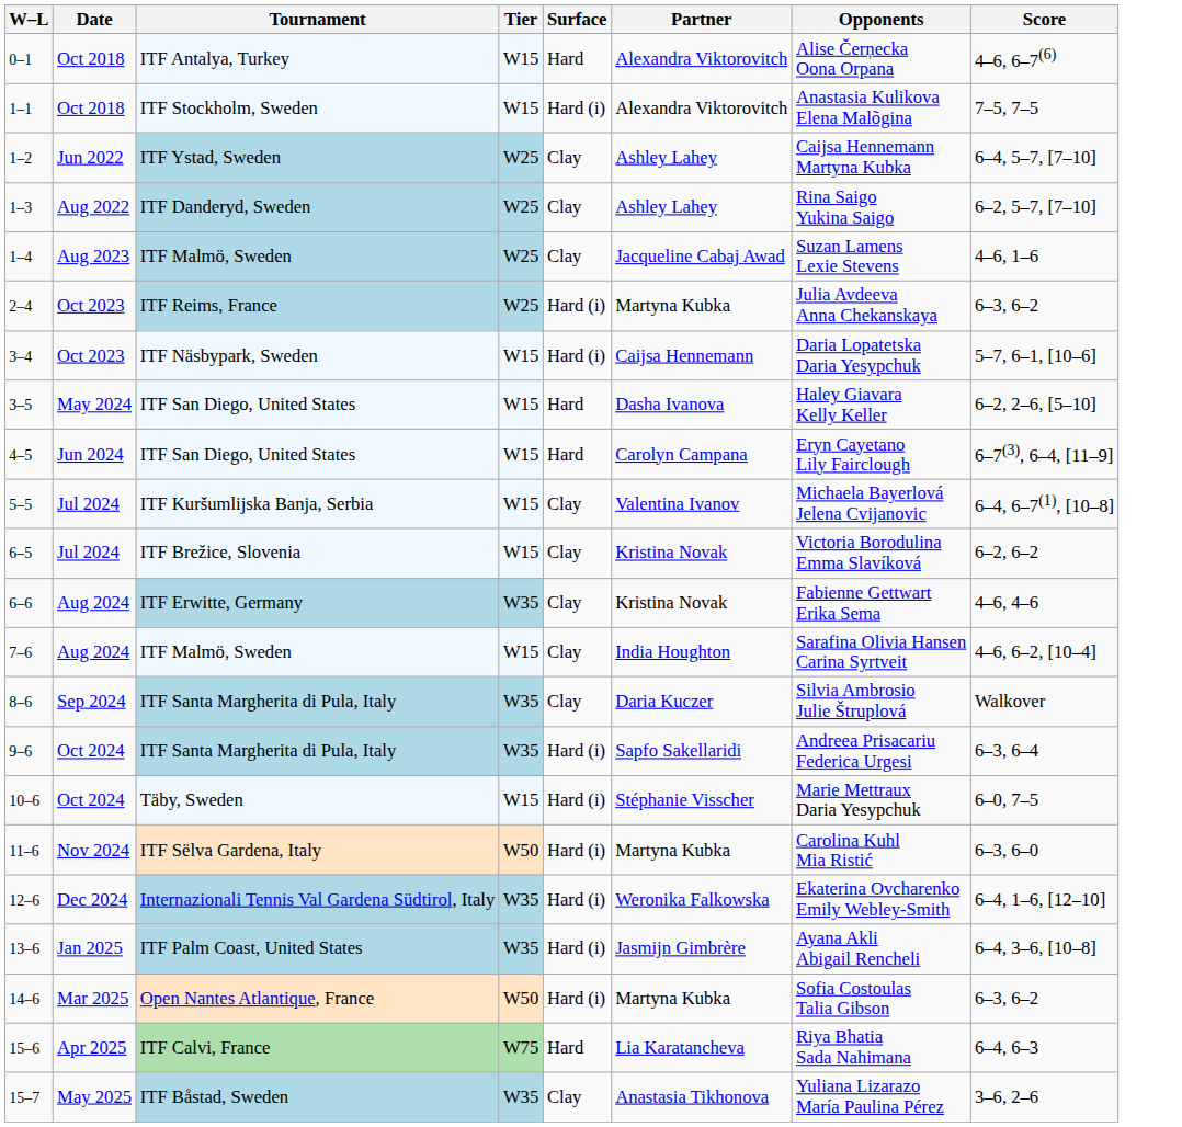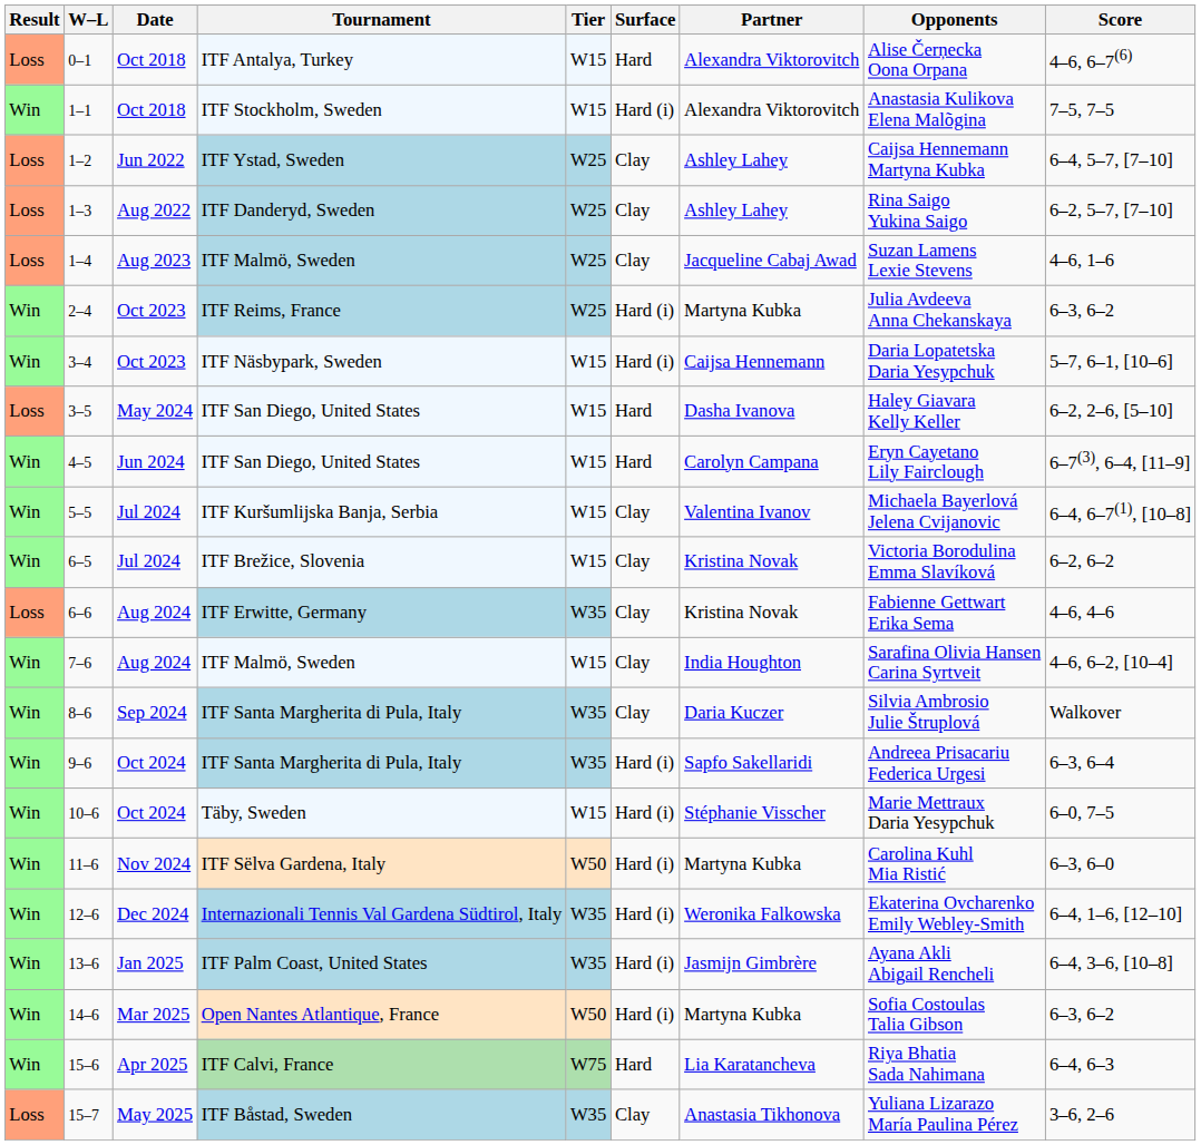 <table class="sortable wikitable">
 <tr>
+<th>Result</th>
 <th class="unsortable">W–L</th>
 <th>Date</th>
 <th>Tournament</th>
 <th>Tier</th>
 <th>Surface</th>
 <th>Partner</th>
 <th>Opponents</th>
 <th class="unsortable">Score</th>
 </tr>
 <tr>
+<td style="background:#ffa07a;">Loss</td>
 <td><small>0–1</small></td>
 <td><a href='#'>Oct 2018</a></td>
 <td style="background:#f0f8ff;">ITF Antalya, Turkey</td>
 <td style="background:#f0f8ff;">W15</td>
 <td>Hard</td>
 <td> <a href='#'>Alexandra Viktorovitch</a></td>
 <td> <a href='#'>Alise Čerņecka</a> <br>  <a href='#'>Oona Orpana</a></td>
 <td>4–6, 6–7<sup>(6)</sup></td>
 </tr>
 <tr>
+<td style="background:#98fb98;">Win</td>
 <td><small>1–1</small></td>
 <td><a href='#'>Oct 2018</a></td>
 <td style="background:#f0f8ff;">ITF Stockholm, Sweden</td>
 <td style="background:#f0f8ff;">W15</td>
 <td>Hard (i)</td>
 <td> Alexandra Viktorovitch</td>
 <td> <a href='#'>Anastasia Kulikova</a> <br>  <a href='#'>Elena Malõgina</a></td>
 <td>7–5, 7–5</td>
 </tr>
 <tr>
+<td bgcolor="FFA07A">Loss</td>
 <td><small>1–2</small></td>
 <td><a href='#'>Jun 2022</a></td>
 <td style="background:lightblue;">ITF Ystad, Sweden</td>
 <td style="background:lightblue;">W25</td>
 <td>Clay</td>
 <td> <a href='#'>Ashley Lahey</a></td>
 <td> <a href='#'>Caijsa Hennemann</a><br> <a href='#'>Martyna Kubka</a></td>
 <td>6–4, 5–7, [7–10]</td>
 </tr>
 <tr>
+<td bgcolor="FFA07A">Loss</td>
 <td><small>1–3</small></td>
 <td><a href='#'>Aug 2022</a></td>
 <td style="background:lightblue;">ITF Danderyd, Sweden</td>
 <td style="background:lightblue;">W25</td>
 <td>Clay</td>
 <td> <a href='#'>Ashley Lahey</a></td>
 <td> <a href='#'>Rina Saigo</a><br> <a href='#'>Yukina Saigo</a></td>
 <td>6–2, 5–7, [7–10]</td>
 </tr>
 <tr>
+<td style="background:#ffa07a;">Loss</td>
 <td><small>1–4</small></td>
 <td><a href='#'>Aug 2023</a></td>
 <td style="background:lightblue;">ITF Malmö, Sweden</td>
 <td style="background:lightblue;">W25</td>
 <td>Clay</td>
 <td> <a href='#'>Jacqueline Cabaj Awad</a></td>
 <td> <a href='#'>Suzan Lamens</a> <br>  <a href='#'>Lexie Stevens</a></td>
 <td>4–6, 1–6</td>
 </tr>
 <tr>
+<td style="background:#98fb98;">Win</td>
 <td><small>2–4</small></td>
 <td><a href='#'>Oct 2023</a></td>
 <td style="background:lightblue">ITF Reims, France</td>
 <td style="background:lightblue">W25</td>
 <td>Hard (i)</td>
 <td> Martyna Kubka</td>
 <td> <a href='#'>Julia Avdeeva</a> <br>  <a href='#'>Anna Chekanskaya</a></td>
 <td>6–3, 6–2</td>
 </tr>
 <tr>
+<td style="background:#98fb98;">Win</td>
 <td><small>3–4</small></td>
 <td><a href='#'>Oct 2023</a></td>
 <td style="background:#f0f8ff;">ITF Näsbypark, Sweden</td>
 <td style="background:#f0f8ff;">W15</td>
 <td>Hard (i)</td>
 <td> <a href='#'>Caijsa Hennemann</a></td>
 <td> <a href='#'>Daria Lopatetska</a> <br>  <a href='#'>Daria Yesypchuk</a></td>
 <td>5–7, 6–1, [10–6]</td>
 </tr>
 <tr>
+<td style="background:#ffa07a;">Loss</td>
 <td><small>3–5</small></td>
 <td><a href='#'>May 2024</a></td>
 <td style="background:#f0f8ff;">ITF San Diego, United States</td>
 <td style="background:#f0f8ff;">W15</td>
 <td>Hard</td>
 <td> <a href='#'>Dasha Ivanova</a></td>
 <td> <a href='#'>Haley Giavara</a> <br>  <a href='#'>Kelly Keller</a></td>
 <td>6–2, 2–6, [5–10]</td>
 </tr>
 <tr>
+<td style="background:#98fb98;">Win</td>
 <td><small>4–5</small></td>
 <td><a href='#'>Jun 2024</a></td>
 <td style="background:#f0f8ff;">ITF San Diego, United States</td>
 <td style="background:#f0f8ff;">W15</td>
 <td>Hard</td>
 <td> <a href='#'>Carolyn Campana</a></td>
 <td> <a href='#'>Eryn Cayetano</a> <br>  <a href='#'>Lily Fairclough</a></td>
 <td>6–7<sup>(3)</sup>, 6–4, [11–9]</td>
 </tr>
 <tr>
+<td style="background:#98fb98;">Win</td>
 <td><small>5–5</small></td>
 <td><a href='#'>Jul 2024</a></td>
 <td style="background:#f0f8ff;">ITF Kuršumlijska Banja, Serbia</td>
 <td style="background:#f0f8ff;">W15</td>
 <td>Clay</td>
 <td> <a href='#'>Valentina Ivanov</a></td>
 <td> <a href='#'>Michaela Bayerlová</a> <br>  <a href='#'>Jelena Cvijanovic</a></td>
 <td>6–4, 6–7<sup>(1)</sup>, [10–8]</td>
 </tr>
 <tr>
+<td style="background:#98fb98;">Win</td>
 <td><small>6–5</small></td>
 <td><a href='#'>Jul 2024</a></td>
 <td style="background:#f0f8ff;">ITF Brežice, Slovenia</td>
 <td style="background:#f0f8ff;">W15</td>
 <td>Clay</td>
 <td> <a href='#'>Kristina Novak</a></td>
 <td> <a href='#'>Victoria Borodulina</a> <br>  <a href='#'>Emma Slavíková</a></td>
 <td>6–2, 6–2</td>
 </tr>
 <tr>
+<td style="background:#ffa07a;">Loss</td>
 <td><small>6–6</small></td>
 <td><a href='#'>Aug 2024</a></td>
 <td style="background:lightblue;">ITF Erwitte, Germany</td>
 <td style="background:lightblue;">W35</td>
 <td>Clay</td>
 <td> Kristina Novak</td>
 <td> <a href='#'>Fabienne Gettwart</a> <br>  <a href='#'>Erika Sema</a></td>
 <td>4–6, 4–6</td>
 </tr>
 <tr>
+<td style="background:#98fb98;">Win</td>
 <td><small>7–6</small></td>
 <td><a href='#'>Aug 2024</a></td>
 <td style="background:#f0f8ff;">ITF Malmö, Sweden</td>
 <td style="background:#f0f8ff;">W15</td>
 <td>Clay</td>
 <td> <a href='#'>India Houghton</a></td>
 <td> <a href='#'>Sarafina Olivia Hansen</a> <br>  <a href='#'>Carina Syrtveit</a></td>
 <td>4–6, 6–2, [10–4]</td>
 </tr>
 <tr>
+<td style="background:#98fb98;">Win</td>
 <td><small>8–6</small></td>
 <td><a href='#'>Sep 2024</a></td>
 <td style="background:lightblue;">ITF Santa Margherita di Pula, Italy</td>
 <td style="background:lightblue;">W35</td>
 <td>Clay</td>
 <td> <a href='#'>Daria Kuczer</a></td>
 <td> <a href='#'>Silvia Ambrosio</a> <br>  <a href='#'>Julie Štruplová</a></td>
 <td>Walkover</td>
 </tr>
 <tr>
+<td style="background:#98fb98;">Win</td>
 <td><small>9–6</small></td>
 <td><a href='#'>Oct 2024</a></td>
 <td style="background:lightblue;">ITF Santa Margherita di Pula, Italy</td>
 <td style="background:lightblue;">W35</td>
 <td>Hard (i)</td>
 <td> <a href='#'>Sapfo Sakellaridi</a></td>
 <td> <a href='#'>Andreea Prisacariu</a> <br>  <a href='#'>Federica Urgesi</a></td>
 <td>6–3, 6–4</td>
 </tr>
 <tr>
+<td style="background:#98fb98;">Win</td>
 <td><small>10–6</small></td>
 <td><a href='#'>Oct 2024</a></td>
 <td style="background:#f0f8ff;">Täby, Sweden</td>
 <td style="background:#f0f8ff;">W15</td>
 <td>Hard (i)</td>
 <td> <a href='#'>Stéphanie Visscher</a></td>
 <td> <a href='#'>Marie Mettraux</a> <br>  Daria Yesypchuk</td>
 <td>6–0, 7–5</td>
 </tr>
 <tr>
+<td style="background:#98fb98;">Win</td>
 <td><small>11–6</small></td>
 <td><a href='#'>Nov 2024</a></td>
 <td style="background:#ffe4c4;">ITF Sëlva Gardena, Italy</td>
 <td style="background:#ffe4c4;">W50</td>
 <td>Hard (i)</td>
 <td> Martyna Kubka</td>
 <td> <a href='#'>Carolina Kuhl</a> <br>  <a href='#'>Mia Ristić</a></td>
 <td>6–3, 6–0</td>
 </tr>
 <tr>
+<td style="background:#98fb98;">Win</td>
 <td><small>12–6</small></td>
 <td><a href='#'>Dec 2024</a></td>
 <td style="background:lightblue;"><a href='#'>Internazionali Tennis Val Gardena Südtirol</a>, Italy</td>
 <td style="background:lightblue;">W35</td>
 <td>Hard (i)</td>
 <td> <a href='#'>Weronika Falkowska</a></td>
 <td> <a href='#'>Ekaterina Ovcharenko</a> <br>  <a href='#'>Emily Webley-Smith</a></td>
 <td>6–4, 1–6, [12–10]</td>
 </tr>
 <tr>
+<td style="background:#98fb98;">Win</td>
 <td><small>13–6</small></td>
 <td><a href='#'>Jan 2025</a></td>
 <td style="background:lightblue;">ITF Palm Coast, United States</td>
 <td style="background:lightblue;">W35</td>
 <td>Hard (i)</td>
 <td> <a href='#'>Jasmijn Gimbrère</a></td>
 <td> <a href='#'>Ayana Akli</a> <br>  <a href='#'>Abigail Rencheli</a></td>
 <td>6–4, 3–6, [10–8]</td>
 </tr>
 <tr>
+<td style="background:#98fb98;">Win</td>
 <td><small>14–6</small></td>
 <td><a href='#'>Mar 2025</a></td>
 <td style="background:#ffe4c4;"><a href='#'>Open Nantes Atlantique</a>, France</td>
 <td style="background:#ffe4c4;">W50</td>
 <td>Hard (i)</td>
 <td> Martyna Kubka</td>
 <td> <a href='#'>Sofia Costoulas</a> <br>  <a href='#'>Talia Gibson</a></td>
 <td>6–3, 6–2</td>
 </tr>
 <tr>
+<td style="background:#98fb98;">Win</td>
 <td><small>15–6</small></td>
 <td><a href='#'>Apr 2025</a></td>
 <td style="background:#addfad;">ITF Calvi, France</td>
 <td style="background:#addfad;">W75</td>
 <td>Hard</td>
 <td> <a href='#'>Lia Karatancheva</a></td>
 <td> <a href='#'>Riya Bhatia</a> <br>  <a href='#'>Sada Nahimana</a></td>
 <td>6–4, 6–3</td>
 </tr>
 <tr>
+<td style="background:#ffa07a;">Loss</td>
 <td><small>15–7</small></td>
 <td><a href='#'>May 2025</a></td>
 <td style="background:lightblue;">ITF Båstad, Sweden</td>
 <td style="background:lightblue;">W35</td>
 <td>Clay</td>
 <td> <a href='#'>Anastasia Tikhonova</a></td>
 <td> <a href='#'>Yuliana Lizarazo</a> <br>  <a href='#'>María Paulina Pérez</a></td>
 <td>3–6, 2–6</td>
 </tr>
 </table>
